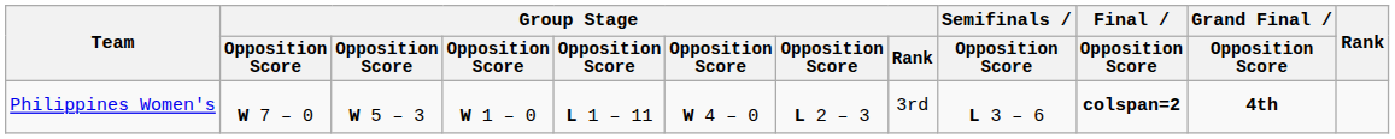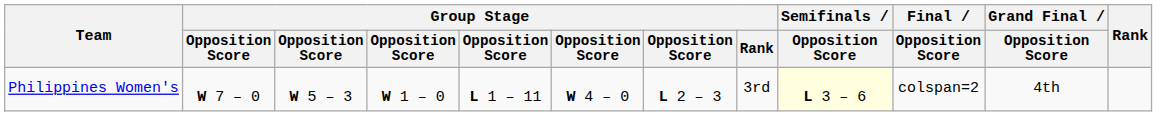 <table class=wikitable style="font-size:90%; text-align:center">
 <tr>
 <th rowspan=2>Team</th>
 <th colspan=7>Group Stage</th>
 <th>Semifinals / </th>
 <th>Final / </th>
 <th>Grand Final / </th>
 <th rowspan=2>Rank</th>
 </tr>
 <tr style="font-size:95%">
 <th>Opposition<br>Score</th>
 <th>Opposition<br>Score</th>
 <th>Opposition<br>Score</th>
 <th>Opposition<br>Score</th>
 <th>Opposition<br>Score</th>
 <th>Opposition<br>Score</th>
 <th>Rank</th>
 <th>Opposition<br>Score</th>
 <th>Opposition<br>Score</th>
 <th>Opposition<br>Score</th>
 </tr>
 <tr align=center>
 <td align=left><a href='#'>Philippines Women's</a></td>
 <td><br><strong>W</strong> 7 – 0</td>
 <td><br><strong>W</strong> 5 – 3</td>
 <td><br><strong>W</strong> 1 – 0</td>
 <td><br><strong>L</strong> 1 – 11</td>
 <td><br><strong>W</strong> 4 – 0</td>
 <td><br><strong>L</strong> 2 – 3</td>
 <td>3rd</td>
-<td><br><strong>L</strong> 3 – 6</td>
-<td><strong>colspan=2 </strong></td>
-<td><strong>4th</strong></td>
+<td style="background: lightyellow;"><br><strong>L</strong> 3 – 6</td>
+<td>colspan=2 </td>
+<td>4th</td>
 </tr>
 </table>
